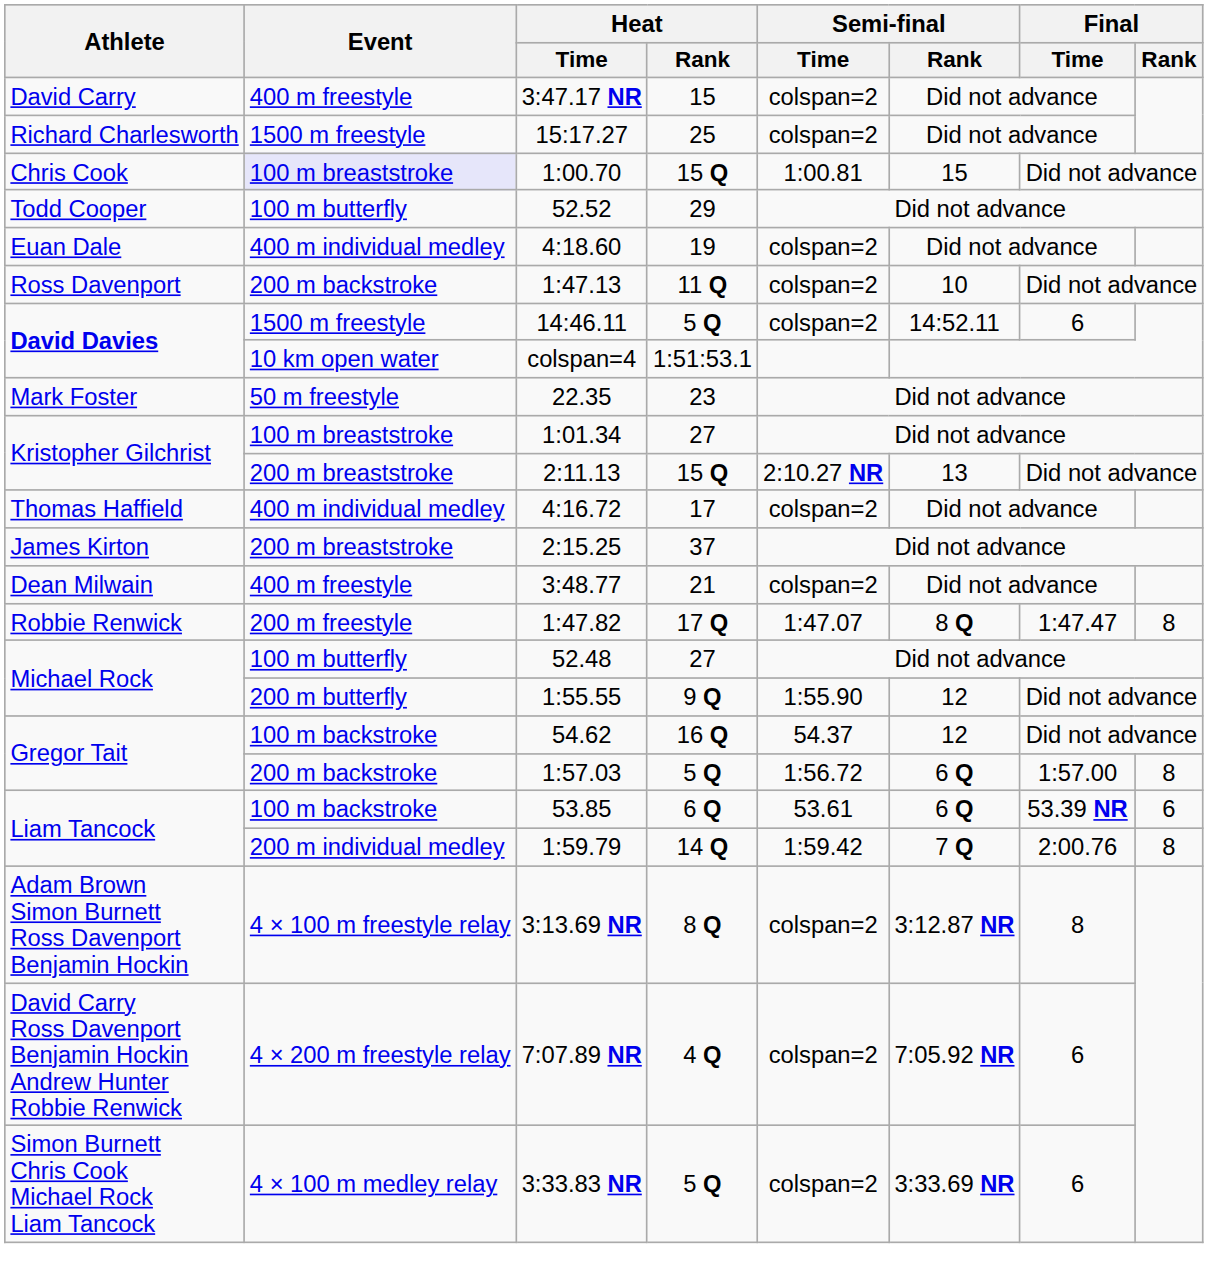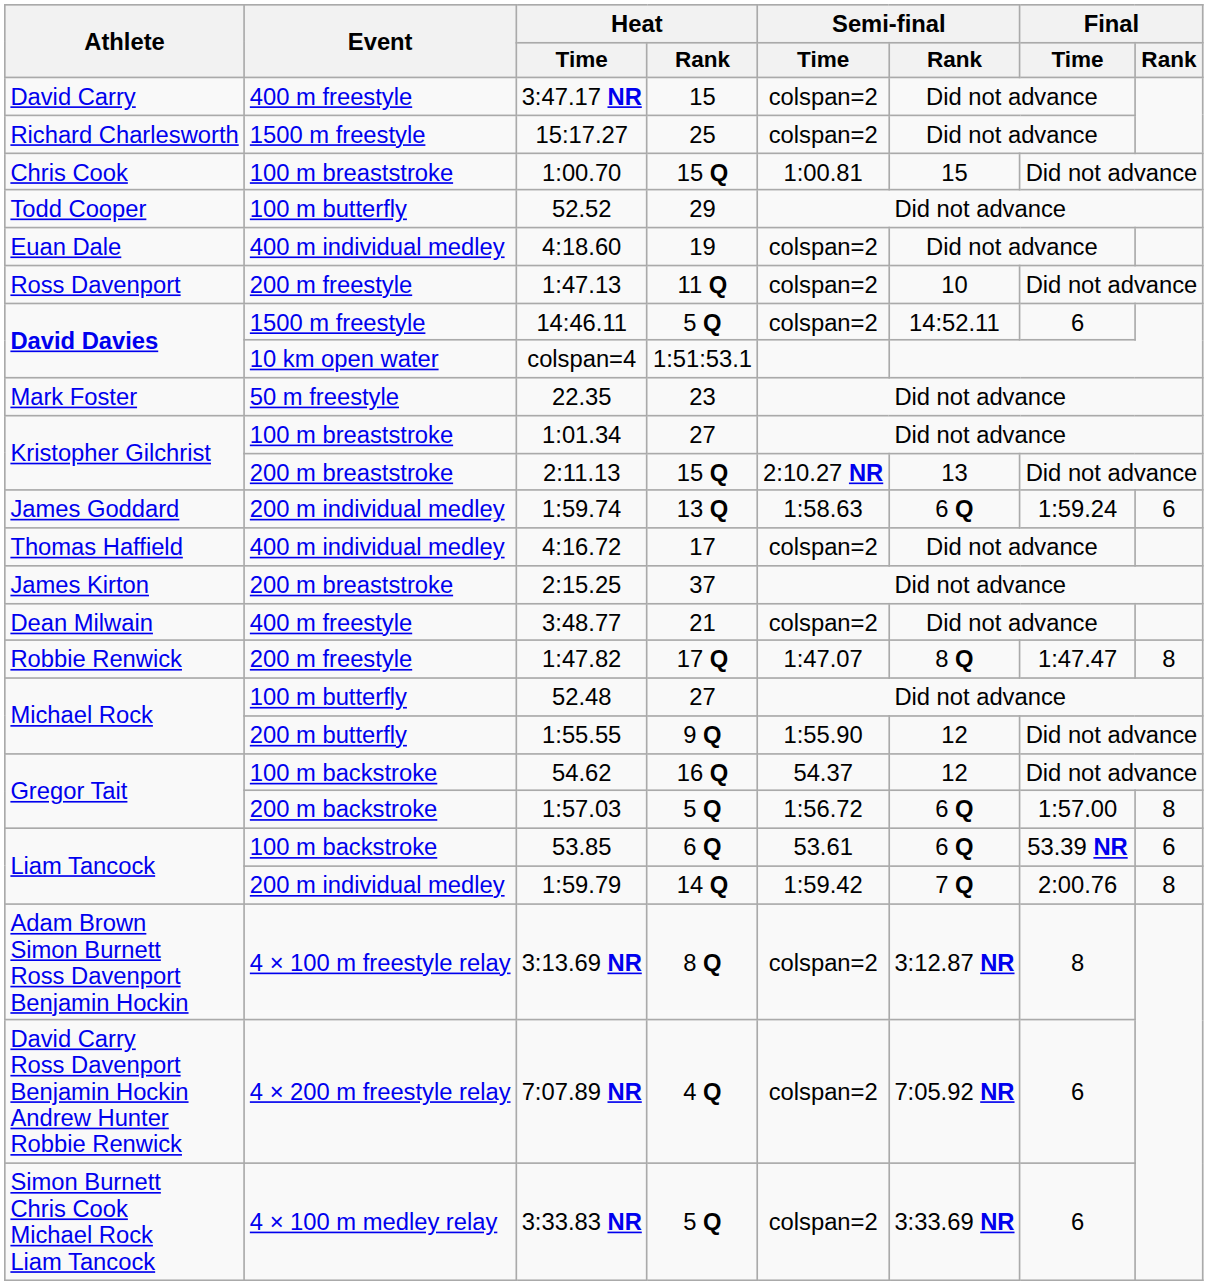 <table class=wikitable style="font-size:90%">
 <tr>
 <th rowspan="2">Athlete</th>
 <th rowspan="2">Event</th>
 <th colspan="2">Heat</th>
 <th colspan="2">Semi-final</th>
 <th colspan="2">Final</th>
 </tr>
 <tr style="font-size:95%">
 <th>Time</th>
 <th>Rank</th>
 <th>Time</th>
 <th>Rank</th>
 <th>Time</th>
 <th>Rank</th>
 </tr>
 <tr align=center>
 <td align=left><a href='#'>David Carry</a></td>
 <td align=left><a href='#'>400 m freestyle</a></td>
 <td>3:47.17 <strong><a href='#'>NR</a></strong></td>
 <td>15</td>
 <td>colspan=2 </td>
 <td colspan=2>Did not advance</td>
 </tr>
 <tr align=center>
 <td align=left><a href='#'>Richard Charlesworth</a></td>
 <td align=left><a href='#'>1500 m freestyle</a></td>
 <td>15:17.27</td>
 <td>25</td>
 <td>colspan=2 </td>
 <td colspan=2>Did not advance</td>
 </tr>
 <tr align=center>
 <td align=left><a href='#'>Chris Cook</a></td>
-<td align=left style="background: lavender;"><a href='#'>100 m breaststroke</a></td>
+<td align=left><a href='#'>100 m breaststroke</a></td>
 <td>1:00.70</td>
 <td>15 <strong>Q</strong></td>
 <td>1:00.81</td>
 <td>15</td>
 <td colspan=2>Did not advance</td>
 </tr>
 <tr align=center>
 <td align=left><a href='#'>Todd Cooper</a></td>
 <td align=left><a href='#'>100 m butterfly</a></td>
 <td>52.52</td>
 <td>29</td>
 <td colspan=4>Did not advance</td>
 </tr>
 <tr align=center>
 <td align=left><a href='#'>Euan Dale</a></td>
 <td align=left><a href='#'>400 m individual medley</a></td>
 <td>4:18.60</td>
 <td>19</td>
 <td>colspan=2 </td>
 <td colspan=2>Did not advance</td>
 </tr>
 <tr align=center>
 <td align=left><a href='#'>Ross Davenport</a></td>
-<td align=left><a href='#'>200 m backstroke</a></td>
+<td align=left><a href='#'>200 m freestyle</a></td>
 <td>1:47.13</td>
 <td>11 <strong>Q</strong></td>
 <td>colspan=2 </td>
 <td>10</td>
 <td colspan=2>Did not advance</td>
 </tr>
 <tr align=center>
 <td align=left rowspan=2><strong><a href='#'>David Davies</a></strong></td>
 <td align=left><a href='#'>1500 m freestyle</a></td>
 <td>14:46.11</td>
 <td>5 <strong>Q</strong></td>
 <td>colspan=2 </td>
 <td>14:52.11</td>
 <td>6</td>
 </tr>
 <tr align=center>
 <td align=left><a href='#'>10 km open water</a></td>
 <td>colspan=4 </td>
 <td>1:51:53.1</td>
 <td></td>
 </tr>
 <tr align=center>
 <td align=left><a href='#'>Mark Foster</a></td>
 <td align=left><a href='#'>50 m freestyle</a></td>
 <td>22.35</td>
 <td>23</td>
 <td colspan=4>Did not advance</td>
 </tr>
 <tr align=center>
 <td align=left rowspan=2><a href='#'>Kristopher Gilchrist</a></td>
 <td align=left><a href='#'>100 m breaststroke</a></td>
 <td>1:01.34</td>
 <td>27</td>
 <td colspan=4>Did not advance</td>
 </tr>
 <tr align=center>
 <td align=left><a href='#'>200 m breaststroke</a></td>
 <td>2:11.13</td>
 <td>15 <strong>Q</strong></td>
 <td>2:10.27 <strong><a href='#'>NR</a></strong></td>
 <td>13</td>
 <td colspan=2>Did not advance</td>
+</tr>
+<tr align=center>
+<td align=left><a href='#'>James Goddard</a></td>
+<td align=left><a href='#'>200 m individual medley</a></td>
+<td>1:59.74</td>
+<td>13 <strong>Q</strong></td>
+<td>1:58.63</td>
+<td>6 <strong>Q</strong></td>
+<td>1:59.24</td>
+<td>6</td>
 </tr>
 <tr align=center>
 <td align=left><a href='#'>Thomas Haffield</a></td>
 <td align=left><a href='#'>400 m individual medley</a></td>
 <td>4:16.72</td>
 <td>17</td>
 <td>colspan=2 </td>
 <td colspan=2>Did not advance</td>
 </tr>
 <tr align=center>
 <td align=left><a href='#'>James Kirton</a></td>
 <td align=left><a href='#'>200 m breaststroke</a></td>
 <td>2:15.25</td>
 <td>37</td>
 <td colspan=4>Did not advance</td>
 </tr>
 <tr align=center>
 <td align=left><a href='#'>Dean Milwain</a></td>
 <td align=left><a href='#'>400 m freestyle</a></td>
 <td>3:48.77</td>
 <td>21</td>
 <td>colspan=2 </td>
 <td colspan=2>Did not advance</td>
 </tr>
 <tr align=center>
 <td align=left><a href='#'>Robbie Renwick</a></td>
 <td align=left><a href='#'>200 m freestyle</a></td>
 <td>1:47.82</td>
 <td>17 <strong>Q</strong></td>
 <td>1:47.07</td>
 <td>8 <strong>Q</strong></td>
 <td>1:47.47</td>
 <td>8</td>
 </tr>
 <tr align=center>
 <td align=left rowspan=2><a href='#'>Michael Rock</a></td>
 <td align=left><a href='#'>100 m butterfly</a></td>
 <td>52.48</td>
 <td>27</td>
 <td colspan=4>Did not advance</td>
 </tr>
 <tr align=center>
 <td align=left><a href='#'>200 m butterfly</a></td>
 <td>1:55.55</td>
 <td>9 <strong>Q</strong></td>
 <td>1:55.90</td>
 <td>12</td>
 <td colspan=2>Did not advance</td>
 </tr>
 <tr align=center>
 <td align=left rowspan=2><a href='#'>Gregor Tait</a></td>
 <td align=left><a href='#'>100 m backstroke</a></td>
 <td>54.62</td>
 <td>16 <strong>Q</strong></td>
 <td>54.37</td>
 <td>12</td>
 <td colspan=2>Did not advance</td>
 </tr>
 <tr align=center>
 <td align=left><a href='#'>200 m backstroke</a></td>
 <td>1:57.03</td>
 <td>5 <strong>Q</strong></td>
 <td>1:56.72</td>
 <td>6 <strong>Q</strong></td>
 <td>1:57.00</td>
 <td>8</td>
 </tr>
 <tr align=center>
 <td align=left rowspan=2><a href='#'>Liam Tancock</a></td>
 <td align=left><a href='#'>100 m backstroke</a></td>
 <td>53.85</td>
 <td>6 <strong>Q</strong></td>
 <td>53.61</td>
 <td>6 <strong>Q</strong></td>
 <td>53.39 <strong><a href='#'>NR</a></strong></td>
 <td>6</td>
 </tr>
 <tr align=center>
 <td align=left><a href='#'>200 m individual medley</a></td>
 <td>1:59.79</td>
 <td>14 <strong>Q</strong></td>
 <td>1:59.42</td>
 <td>7 <strong>Q</strong></td>
 <td>2:00.76</td>
 <td>8</td>
 </tr>
 <tr align=center>
 <td align=left><a href='#'>Adam Brown</a><br><a href='#'>Simon Burnett</a><br><a href='#'>Ross Davenport</a><br><a href='#'>Benjamin Hockin</a></td>
 <td align=left><a href='#'>4 × 100 m freestyle relay</a></td>
 <td>3:13.69 <strong><a href='#'>NR</a></strong></td>
 <td>8 <strong>Q</strong></td>
 <td>colspan=2 </td>
 <td>3:12.87 <strong><a href='#'>NR</a></strong></td>
 <td>8</td>
 </tr>
 <tr align=center>
 <td align=left><a href='#'>David Carry</a><br><a href='#'>Ross Davenport</a><br><a href='#'>Benjamin Hockin</a><br><a href='#'>Andrew Hunter</a><br><a href='#'>Robbie Renwick</a></td>
 <td align=left><a href='#'>4 × 200 m freestyle relay</a></td>
 <td>7:07.89 <strong><a href='#'>NR</a></strong></td>
 <td>4 <strong>Q</strong></td>
 <td>colspan=2 </td>
 <td>7:05.92 <strong><a href='#'>NR</a></strong></td>
 <td>6</td>
 </tr>
 <tr align=center>
 <td align=left><a href='#'>Simon Burnett</a><br><a href='#'>Chris Cook</a><br><a href='#'>Michael Rock</a><br><a href='#'>Liam Tancock</a></td>
 <td align=left><a href='#'>4 × 100 m medley relay</a></td>
 <td>3:33.83 <strong><a href='#'>NR</a></strong></td>
 <td>5 <strong>Q</strong></td>
 <td>colspan=2 </td>
 <td>3:33.69 <strong><a href='#'>NR</a></strong></td>
 <td>6</td>
 </tr>
 </table>
